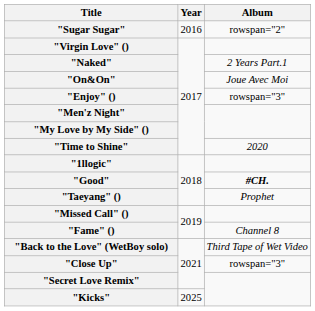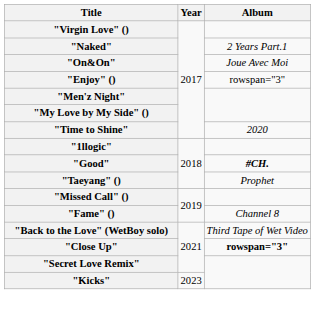 <table class="wikitable plainrowheaders" style="text-align:center;" border="1">
 <tr>
 <th scope="col" style="width:16em;">Title</th>
 <th scope="col">Year</th>
 <th scope="col">Album</th>
-</tr>
-<tr>
-<th scope="row">"Sugar Sugar"<br></th>
-<td>2016</td>
-<td>rowspan="2" </td>
 </tr>
 <tr>
 <th scope="row">"Virgin Love" ()<br></th>
 <td rowspan="7">2017</td>
 </tr>
 <tr>
 <th scope="row">"Naked"<br></th>
 <td><em>2 Years Part.1</em></td>
 </tr>
 <tr>
 <th scope="row">"On&On"<br></th>
 <td><em>Joue Avec Moi</em></td>
 </tr>
 <tr>
 <th scope="row">"Enjoy" ()<br></th>
 <td>rowspan="3" </td>
 </tr>
 <tr>
 <th scope="row">"Men'z Night"<br></th>
 </tr>
 <tr>
 <th scope="row">"My Love by My Side" ()<br></th>
 </tr>
 <tr>
 <th scope="row">"Time to Shine"<br></th>
 <td><em>2020</em></td>
 </tr>
 <tr>
 <th scope="row">"1llogic"<br></th>
 <td rowspan="3">2018</td>
 <td></td>
 </tr>
 <tr>
 <th scope="row">"Good"<br></th>
 <td><strong><em>#CH.</em></strong></td>
 </tr>
 <tr>
 <th scope="row">"Taeyang" ()<br></th>
 <td><em>Prophet</em></td>
 </tr>
 <tr>
 <th scope="row">"Missed Call" ()<br></th>
 <td rowspan="2">2019</td>
 <td></td>
 </tr>
 <tr>
 <th scope="row">"Fame" ()<br></th>
 <td><em>Channel 8</em></td>
 </tr>
 <tr>
 <th scope="row">"Back to the Love" (WetBoy solo)<br></th>
 <td rowspan="3">2021</td>
 <td><em>Third Tape of Wet Video</em></td>
 </tr>
 <tr>
 <th scope="row">"Close Up"<br></th>
-<td>rowspan="3" </td>
+<td><strong>rowspan="3" </strong></td>
 </tr>
 <tr>
 <th scope="row">"Secret Love Remix"<br></th>
 </tr>
 <tr>
 <th scope="row">"Kicks"<br></th>
-<td>2025</td>
+<td>2023</td>
 </tr>
 </table>
